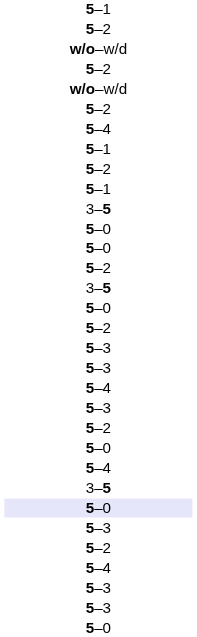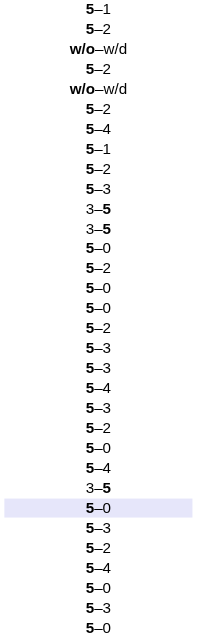 <table width="100%" cellspacing="1">
 <tr>
 <th width=45%></th>
 <th width=10%></th>
 <th width=45%></th>
 </tr>
 <tr>
 <td><strong></strong></td>
 <td align="center"><strong>5</strong>–1</td>
 <td></td>
 </tr>
 <tr>
 <td><strong></strong></td>
 <td align="center"><strong>5</strong>–2</td>
 <td></td>
 </tr>
 <tr>
 <td><strong></strong></td>
 <td align="center"><strong>w/o</strong>–w/d</td>
 <td></td>
 </tr>
 <tr>
 <td><strong></strong></td>
 <td align="center"><strong>5</strong>–2</td>
 <td></td>
 </tr>
 <tr>
 <td><strong></strong></td>
 <td align="center"><strong>w/o</strong>–w/d</td>
 <td></td>
 </tr>
 <tr>
 <td><strong></strong></td>
 <td align="center"><strong>5</strong>–2</td>
 <td></td>
 </tr>
 <tr>
 <td><strong></strong></td>
 <td align="center"><strong>5</strong>–4</td>
 <td></td>
 </tr>
 <tr>
 <td><strong></strong></td>
 <td align="center"><strong>5</strong>–1</td>
 <td></td>
 </tr>
 <tr>
 <td><strong></strong></td>
 <td align="center"><strong>5</strong>–2</td>
 <td></td>
 </tr>
 <tr>
 <td><strong></strong></td>
-<td align="center"><strong>5</strong>–1</td>
+<td align="center"><strong>5</strong>–3</td>
 <td></td>
 </tr>
 <tr>
 <td></td>
 <td align="center">3–<strong>5</strong></td>
 <td><strong></strong></td>
 </tr>
 <tr>
 <td></td>
-<td align="center"><strong>5</strong>–0</td>
+<td align="center">3–<strong>5</strong></td>
 <td><strong></strong></td>
 </tr>
 <tr>
 <td><strong></strong></td>
 <td align="center"><strong>5</strong>–0</td>
 <td></td>
 </tr>
 <tr>
 <td><strong></strong></td>
 <td align="center"><strong>5</strong>–2</td>
 <td></td>
 </tr>
 <tr>
 <td><strong></strong></td>
-<td align="center">3–<strong>5</strong></td>
+<td align="center"><strong>5</strong>–0</td>
 <td></td>
 </tr>
 <tr>
 <td><strong></strong></td>
 <td align="center"><strong>5</strong>–0</td>
 <td></td>
 </tr>
 <tr>
 <td><strong></strong></td>
 <td align="center"><strong>5</strong>–2</td>
 <td></td>
 </tr>
 <tr>
 <td><strong></strong></td>
 <td align="center"><strong>5</strong>–3</td>
 <td></td>
 </tr>
 <tr>
 <td><strong></strong></td>
 <td align="center"><strong>5</strong>–3</td>
 <td></td>
 </tr>
 <tr>
 <td><strong></strong></td>
 <td align="center"><strong>5</strong>–4</td>
 <td></td>
 </tr>
 <tr>
 <td><strong></strong></td>
 <td align="center"><strong>5</strong>–3</td>
 <td></td>
 </tr>
 <tr>
 <td><strong></strong></td>
 <td align="center"><strong>5</strong>–2</td>
 <td></td>
 </tr>
 <tr>
 <td><strong></strong></td>
 <td align="center"><strong>5</strong>–0</td>
 <td></td>
 </tr>
 <tr>
 <td><strong></strong></td>
 <td align="center"><strong>5</strong>–4</td>
 <td></td>
 </tr>
 <tr>
 <td></td>
 <td align="center">3–<strong>5</strong></td>
 <td><strong></strong></td>
 </tr>
 <tr>
 <td><strong></strong></td>
 <td align="center" style="background: lavender;"><strong>5</strong>–0</td>
 <td></td>
 </tr>
 <tr>
 <td><strong></strong></td>
 <td align="center"><strong>5</strong>–3</td>
 <td></td>
 </tr>
 <tr>
 <td><strong></strong></td>
 <td align="center"><strong>5</strong>–2</td>
 <td></td>
 </tr>
 <tr>
 <td><strong></strong></td>
 <td align="center"><strong>5</strong>–4</td>
 <td></td>
 </tr>
 <tr>
 <td><strong></strong></td>
-<td align="center"><strong>5</strong>–3</td>
+<td align="center"><strong>5</strong>–0</td>
 <td></td>
 </tr>
 <tr>
 <td><strong></strong></td>
 <td align="center"><strong>5</strong>–3</td>
 <td></td>
 </tr>
 <tr>
 <td><strong></strong></td>
 <td align="center"><strong>5</strong>–0</td>
 <td></td>
 </tr>
 </table>
